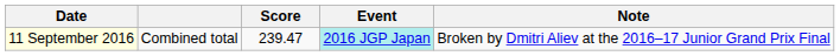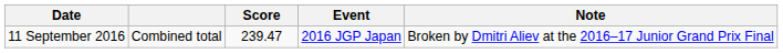 <table class="wikitable">
 <tr>
 <th>Date</th>
 <th></th>
 <th style="width:80px;">Score</th>
 <th>Event</th>
 <th>Note</th>
 </tr>
 <tr>
-<td style="background: lightyellow;">11 September 2016</td>
+<td>11 September 2016</td>
 <td>Combined total</td>
 <td style="text-align:center">239.47</td>
-<td style="background: paleturquoise;"><a href='#'>2016 JGP Japan</a></td>
+<td><a href='#'>2016 JGP Japan</a></td>
 <td>Broken by <a href='#'>Dmitri Aliev</a> at the <a href='#'>2016–17 Junior Grand Prix Final</a></td>
 </tr>
 </table>
